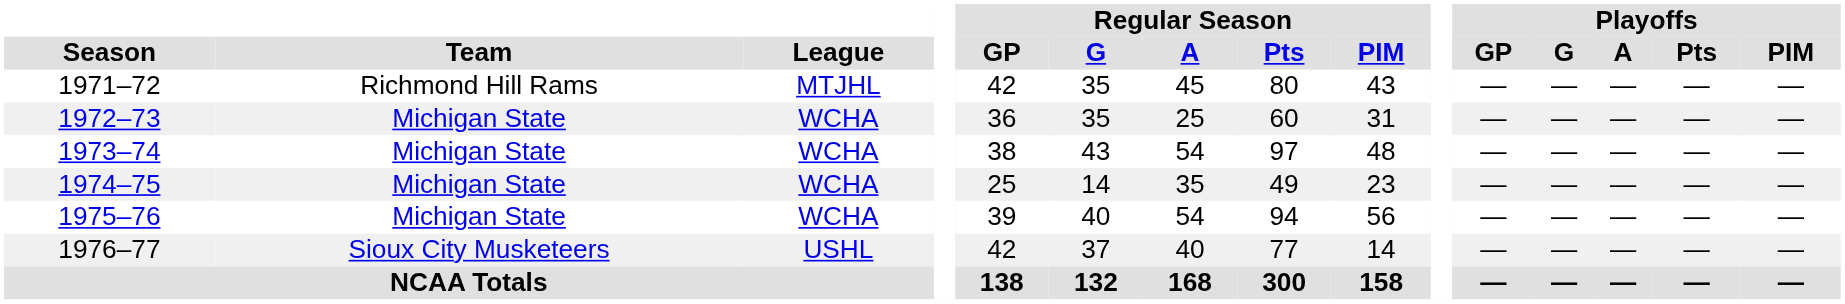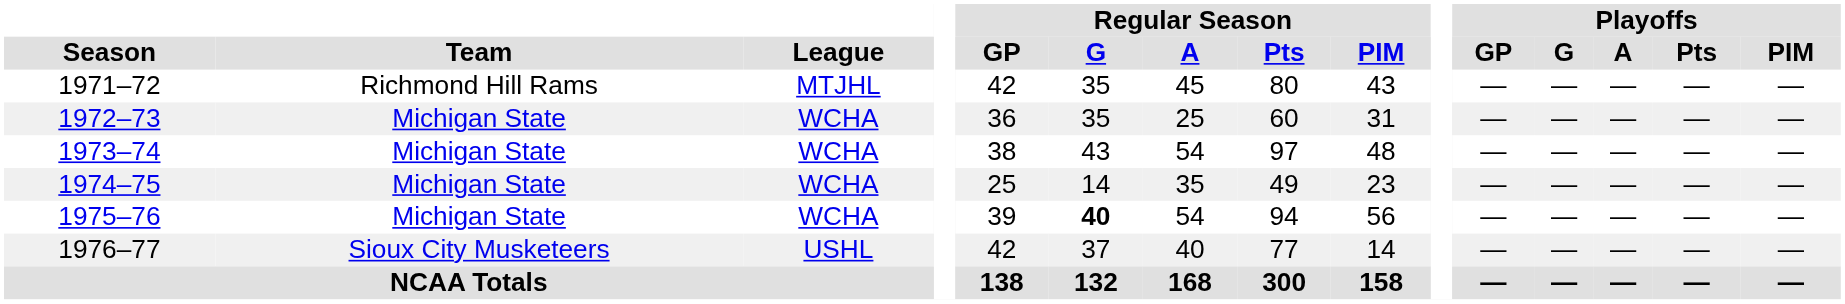 <table border="0" cellpadding="1" cellspacing="0" style="text-align:center; width:70em">
 <tr bgcolor="#e0e0e0">
 <th colspan="3"  bgcolor="#ffffff"> </th>
 <th rowspan="99" bgcolor="#ffffff"> </th>
 <th colspan="5">Regular Season</th>
 <th rowspan="99" bgcolor="#ffffff"> </th>
 <th colspan="5">Playoffs</th>
 </tr>
 <tr bgcolor="#e0e0e0">
 <th>Season</th>
 <th>Team</th>
 <th>League</th>
 <th>GP</th>
 <th><a href='#'>G</a></th>
 <th><a href='#'>A</a></th>
 <th><a href='#'>Pts</a></th>
 <th><a href='#'>PIM</a></th>
 <th>GP</th>
 <th>G</th>
 <th>A</th>
 <th>Pts</th>
 <th>PIM</th>
 </tr>
 <tr>
 <td>1971–72</td>
 <td>Richmond Hill Rams</td>
 <td><a href='#'>MTJHL</a></td>
 <td>42</td>
 <td>35</td>
 <td>45</td>
 <td>80</td>
 <td>43</td>
 <td>—</td>
 <td>—</td>
 <td>—</td>
 <td>—</td>
 <td>—</td>
 </tr>
 <tr bgcolor=f0f0f0>
 <td><a href='#'>1972–73</a></td>
 <td><a href='#'>Michigan State</a></td>
 <td><a href='#'>WCHA</a></td>
 <td>36</td>
 <td>35</td>
 <td>25</td>
 <td>60</td>
 <td>31</td>
 <td>—</td>
 <td>—</td>
 <td>—</td>
 <td>—</td>
 <td>—</td>
 </tr>
 <tr>
 <td><a href='#'>1973–74</a></td>
 <td><a href='#'>Michigan State</a></td>
 <td><a href='#'>WCHA</a></td>
 <td>38</td>
 <td>43</td>
 <td>54</td>
 <td>97</td>
 <td>48</td>
 <td>—</td>
 <td>—</td>
 <td>—</td>
 <td>—</td>
 <td>—</td>
 </tr>
 <tr bgcolor=f0f0f0>
 <td><a href='#'>1974–75</a></td>
 <td><a href='#'>Michigan State</a></td>
 <td><a href='#'>WCHA</a></td>
 <td>25</td>
 <td>14</td>
 <td>35</td>
 <td>49</td>
 <td>23</td>
 <td>—</td>
 <td>—</td>
 <td>—</td>
 <td>—</td>
 <td>—</td>
 </tr>
 <tr>
 <td><a href='#'>1975–76</a></td>
 <td><a href='#'>Michigan State</a></td>
 <td><a href='#'>WCHA</a></td>
 <td>39</td>
-<td>40</td>
+<td><strong>40</strong></td>
 <td>54</td>
 <td>94</td>
 <td>56</td>
 <td>—</td>
 <td>—</td>
 <td>—</td>
 <td>—</td>
 <td>—</td>
 </tr>
 <tr bgcolor=f0f0f0>
 <td>1976–77</td>
 <td><a href='#'>Sioux City Musketeers</a></td>
 <td><a href='#'>USHL</a></td>
 <td>42</td>
 <td>37</td>
 <td>40</td>
 <td>77</td>
 <td>14</td>
 <td>—</td>
 <td>—</td>
 <td>—</td>
 <td>—</td>
 <td>—</td>
 </tr>
 <tr bgcolor="#e0e0e0">
 <th colspan="3">NCAA Totals</th>
 <th>138</th>
 <th>132</th>
 <th>168</th>
 <th>300</th>
 <th>158</th>
 <th>—</th>
 <th>—</th>
 <th>—</th>
 <th>—</th>
 <th>—</th>
 </tr>
 </table>
